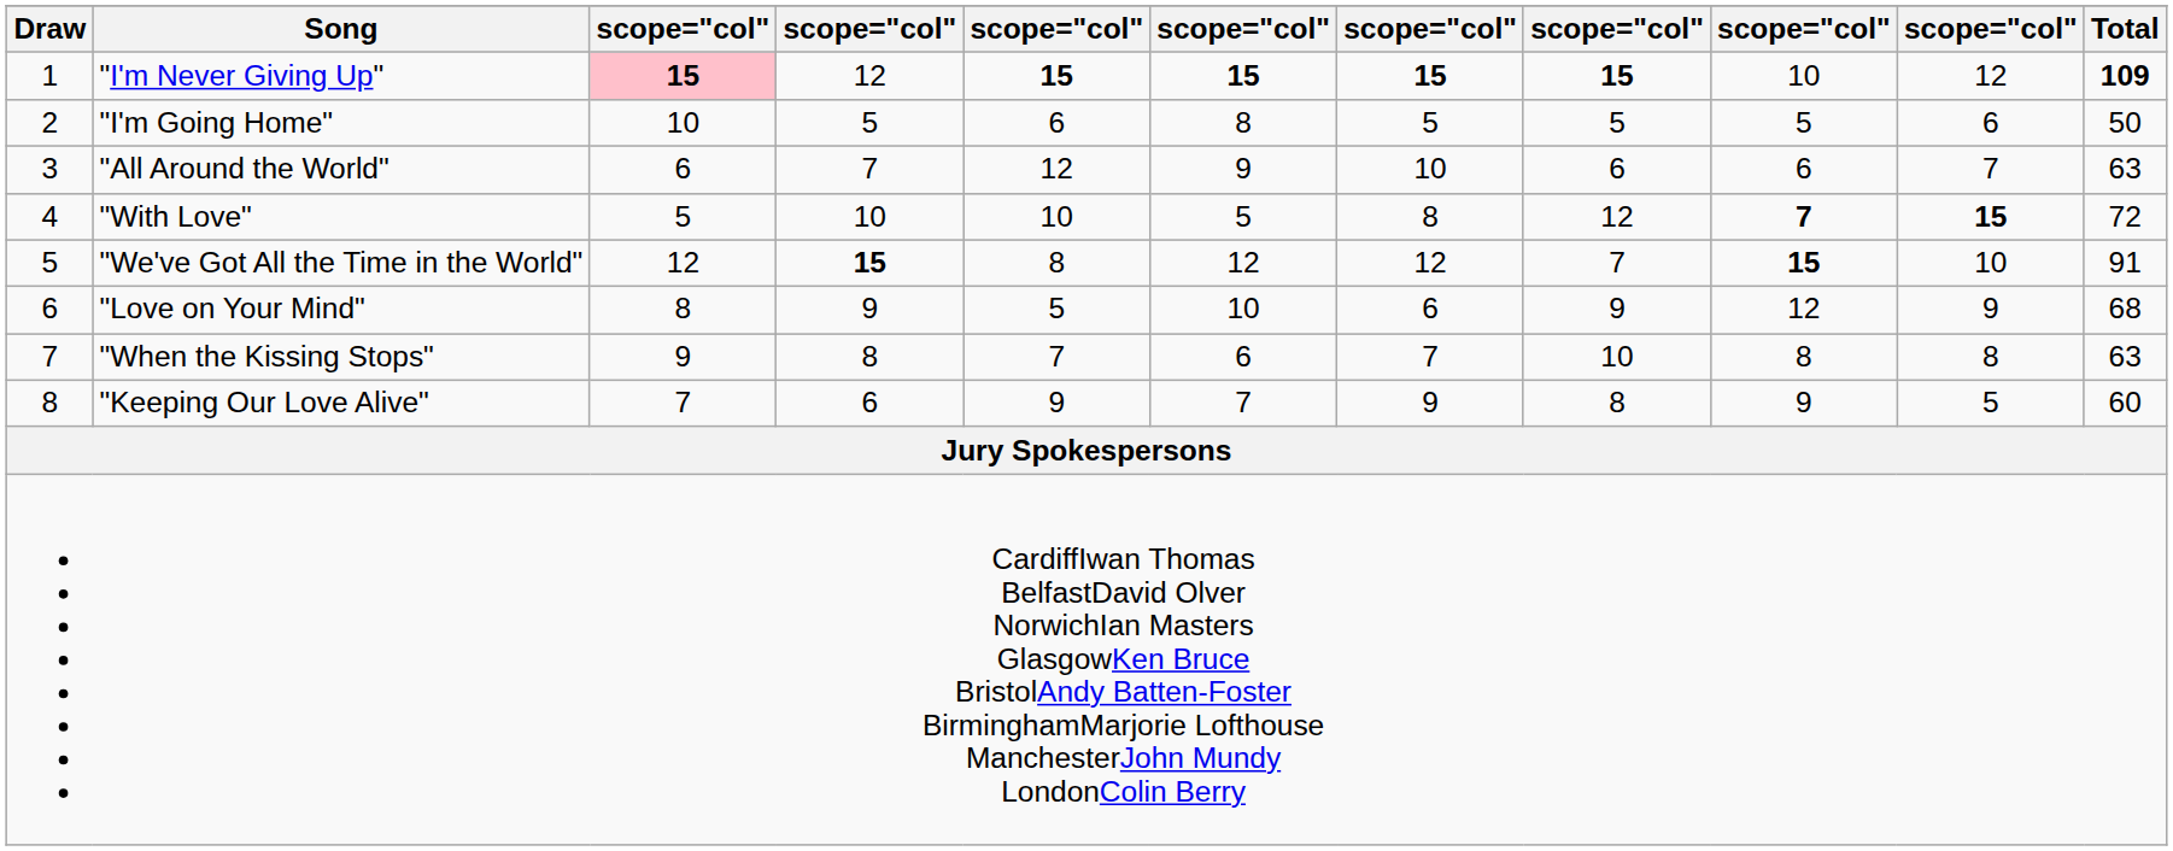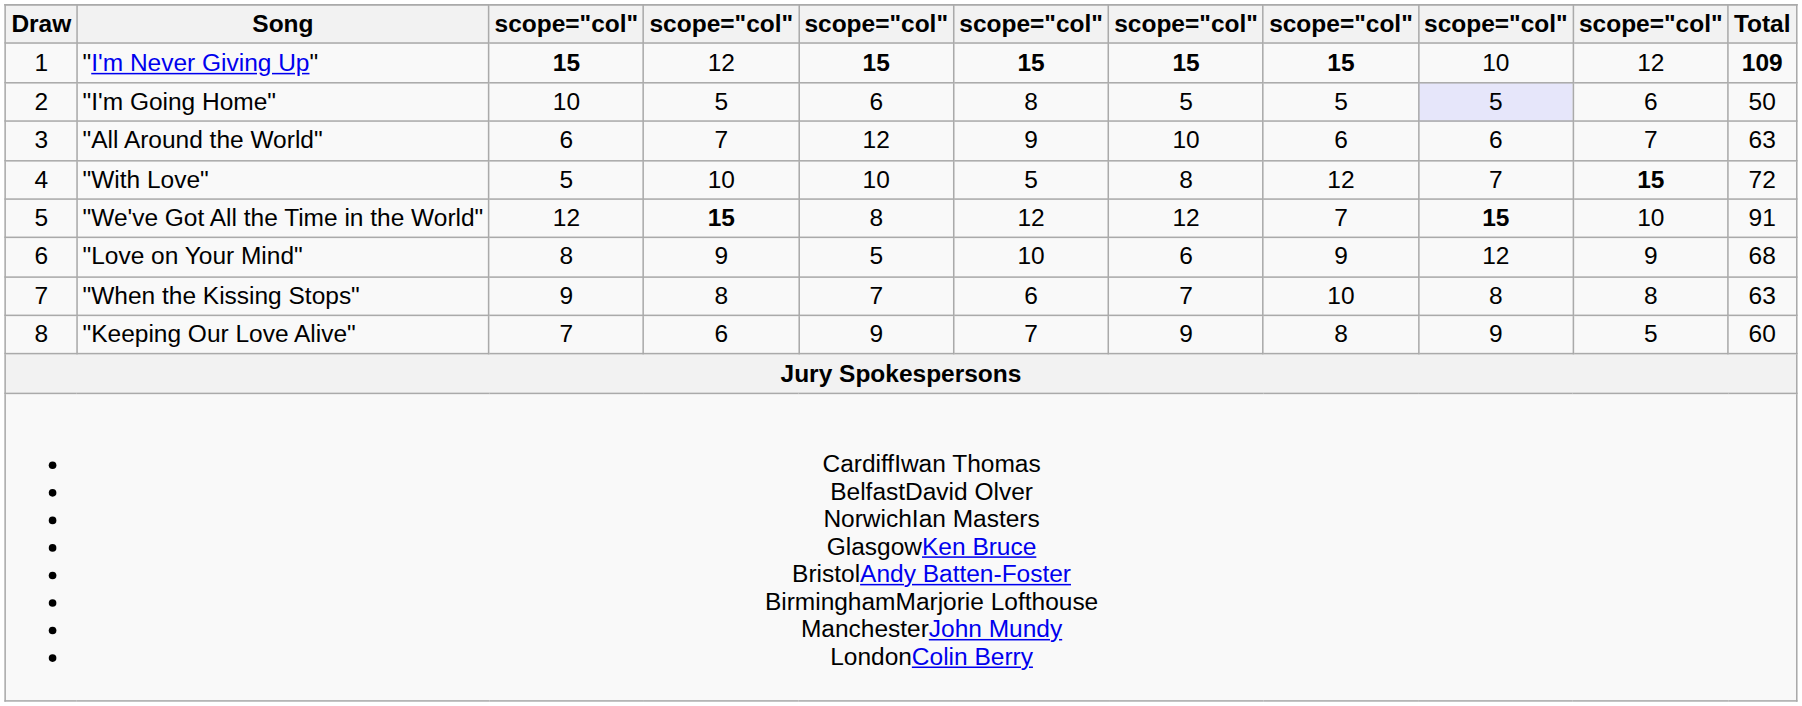 <table class="wikitable plainrowheaders" style="margin: 1em auto 1em auto; text-align:center;">
 <tr>
 </tr>
 <tr>
 <th scope="col">Draw</th>
 <th scope="col">Song</th>
 <th>scope="col" </th>
 <th>scope="col" </th>
 <th>scope="col" </th>
 <th>scope="col" </th>
 <th>scope="col" </th>
 <th>scope="col" </th>
 <th>scope="col" </th>
 <th>scope="col" </th>
 <th scope="col">Total</th>
 </tr>
 <tr>
 <td>1</td>
 <td align="left">"<a href='#'>I'm Never Giving Up</a>"</td>
-<td style="background: pink;"><strong>15</strong></td>
+<td><strong>15</strong></td>
 <td>12</td>
 <td><strong>15</strong></td>
 <td><strong>15</strong></td>
 <td><strong>15</strong></td>
 <td><strong>15</strong></td>
 <td>10</td>
 <td>12</td>
 <td><strong>109</strong></td>
 </tr>
 <tr>
 <td>2</td>
 <td align="left">"I'm Going Home"</td>
 <td>10</td>
 <td>5</td>
 <td>6</td>
 <td>8</td>
 <td>5</td>
 <td>5</td>
-<td>5</td>
+<td style="background: lavender;">5</td>
 <td>6</td>
 <td>50</td>
 </tr>
 <tr>
 <td>3</td>
 <td align="left">"All Around the World"</td>
 <td>6</td>
 <td>7</td>
 <td>12</td>
 <td>9</td>
 <td>10</td>
 <td>6</td>
 <td>6</td>
 <td>7</td>
 <td>63</td>
 </tr>
 <tr>
 <td>4</td>
 <td align="left">"With Love"</td>
 <td>5</td>
 <td>10</td>
 <td>10</td>
 <td>5</td>
 <td>8</td>
 <td>12</td>
-<td><strong>7</strong></td>
+<td>7</td>
 <td><strong>15</strong></td>
 <td>72</td>
 </tr>
 <tr>
 <td>5</td>
 <td align="left">"We've Got All the Time in the World"</td>
 <td>12</td>
 <td><strong>15</strong></td>
 <td>8</td>
 <td>12</td>
 <td>12</td>
 <td>7</td>
 <td><strong>15</strong></td>
 <td>10</td>
 <td>91</td>
 </tr>
 <tr>
 <td>6</td>
 <td align="left">"Love on Your Mind"</td>
 <td>8</td>
 <td>9</td>
 <td>5</td>
 <td>10</td>
 <td>6</td>
 <td>9</td>
 <td>12</td>
 <td>9</td>
 <td>68</td>
 </tr>
 <tr>
 <td>7</td>
 <td align="left">"When the Kissing Stops"</td>
 <td>9</td>
 <td>8</td>
 <td>7</td>
 <td>6</td>
 <td>7</td>
 <td>10</td>
 <td>8</td>
 <td>8</td>
 <td>63</td>
 </tr>
 <tr>
 <td>8</td>
 <td align="left">"Keeping Our Love Alive"</td>
 <td>7</td>
 <td>6</td>
 <td>9</td>
 <td>7</td>
 <td>9</td>
 <td>8</td>
 <td>9</td>
 <td>5</td>
 <td>60</td>
 </tr>
 <tr>
 <th colspan="11">Jury Spokespersons</th>
 </tr>
 <tr>
 <td colspan="11"><br><ul><li>CardiffIwan Thomas</li><li>BelfastDavid Olver</li><li>NorwichIan Masters</li><li>Glasgow<a href='#'>Ken Bruce</a></li><li>Bristol<a href='#'>Andy Batten-Foster</a></li><li>BirminghamMarjorie Lofthouse</li><li>Manchester<a href='#'>John Mundy</a></li><li>London<a href='#'>Colin Berry</a></li></ul></td>
 </tr>
 </table>
